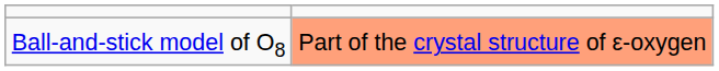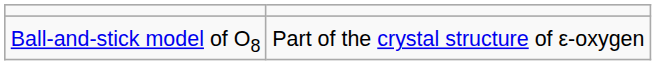 <table class="wikitable" style="text-align:center;">
 <tr>
 <td></td>
 <td></td>
 </tr>
 <tr>
 <td><small><a href='#'>Ball-and-stick model</a> of O<sub>8</sub></small></td>
-<td style="background: lightsalmon;"><small>Part of the <a href='#'>crystal structure</a> of ε-oxygen</small></td>
+<td><small>Part of the <a href='#'>crystal structure</a> of ε-oxygen</small></td>
 </tr>
 </table>
